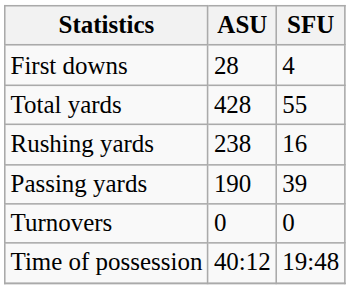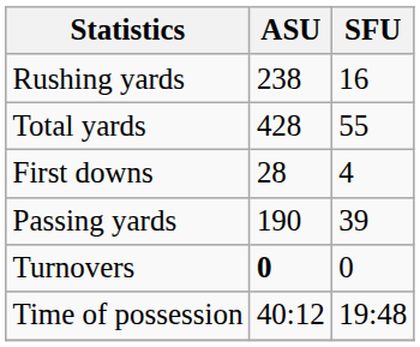 <table class="wikitable" style="float: left;">
 <tr>
 <th>Statistics</th>
 <th>ASU</th>
 <th>SFU</th>
 </tr>
 <tr>
-<td>First downs</td>
-<td>28</td>
-<td>4</td>
+<td>Rushing yards</td>
+<td>238</td>
+<td>16</td>
 </tr>
 <tr>
 <td>Total yards</td>
 <td>428</td>
 <td>55</td>
 </tr>
 <tr>
-<td>Rushing yards</td>
-<td>238</td>
-<td>16</td>
+<td>First downs</td>
+<td>28</td>
+<td>4</td>
 </tr>
 <tr>
 <td>Passing yards</td>
 <td>190</td>
 <td>39</td>
 </tr>
 <tr>
 <td>Turnovers</td>
-<td>0</td>
+<td><strong>0</strong></td>
 <td>0</td>
 </tr>
 <tr>
 <td>Time of possession</td>
 <td>40:12</td>
 <td>19:48</td>
 </tr>
 <tr>
 </tr>
 </table>
